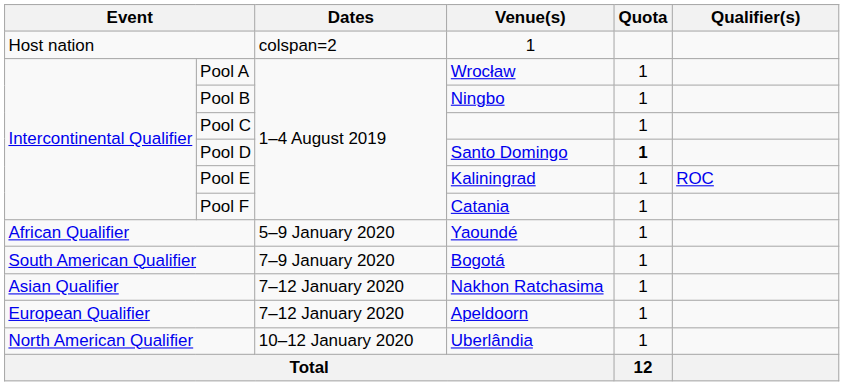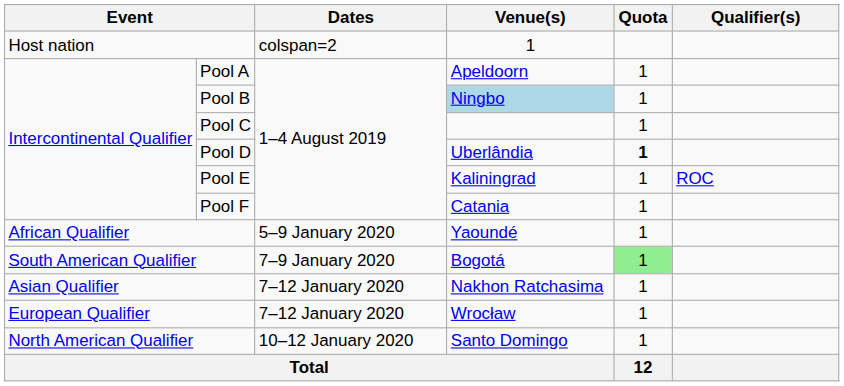 <table class="wikitable" style="white-space: nowrap;">
 <tr>
 <th colspan="2" style="width:30%">Event</th>
 <th style-"width:23%">Dates</th>
 <th style="width:20%">Venue(s)</th>
 <th style="width:7%">Quota</th>
 <th style="width:20%">Qualifier(s)</th>
 </tr>
 <tr>
 <td colspan="2">Host nation</td>
 <td>colspan=2 </td>
 <td style="text-align: center;">1</td>
 <td></td>
 </tr>
 <tr>
 <td rowspan="6"><a href='#'>Intercontinental Qualifier</a></td>
 <td>Pool A</td>
 <td rowspan="6">1–4 August 2019</td>
-<td> <a href='#'>Wrocław</a></td>
+<td> <a href='#'>Apeldoorn</a></td>
 <td style="text-align: center;">1</td>
 <td></td>
 </tr>
 <tr>
 <td>Pool B</td>
-<td> <a href='#'>Ningbo</a></td>
+<td style="background: lightblue;"> <a href='#'>Ningbo</a></td>
 <td style="text-align: center;">1</td>
 <td></td>
 </tr>
 <tr>
 <td>Pool C</td>
 <td></td>
 <td style="text-align: center;">1</td>
 <td></td>
 </tr>
 <tr>
 <td>Pool D</td>
-<td> <a href='#'>Santo Domingo</a></td>
+<td> <a href='#'>Uberlândia</a></td>
 <td style="text-align: center;"><strong>1</strong></td>
 <td></td>
 </tr>
 <tr>
 <td>Pool E</td>
 <td> <a href='#'>Kaliningrad</a></td>
 <td style="text-align: center;">1</td>
 <td> <a href='#'>ROC</a></td>
 </tr>
 <tr>
 <td>Pool F</td>
 <td> <a href='#'>Catania</a></td>
 <td style="text-align: center;">1</td>
 <td></td>
 </tr>
 <tr>
 <td colspan="2"><a href='#'>African Qualifier</a></td>
 <td>5–9 January 2020</td>
 <td> <a href='#'>Yaoundé</a></td>
 <td style="text-align: center;">1</td>
 <td></td>
 </tr>
 <tr>
 <td colspan="2"><a href='#'>South American Qualifier</a></td>
 <td>7–9 January 2020</td>
 <td> <a href='#'>Bogotá</a></td>
-<td style="text-align: center;">1</td>
+<td style="background: lightgreen; text-align: center;">1</td>
 <td></td>
 </tr>
 <tr>
 <td colspan="2"><a href='#'>Asian Qualifier</a></td>
 <td>7–12 January 2020</td>
 <td> <a href='#'>Nakhon Ratchasima</a></td>
 <td style="text-align: center;">1</td>
 <td></td>
 </tr>
 <tr>
 <td colspan="2"><a href='#'>European Qualifier</a></td>
 <td>7–12 January 2020</td>
-<td> <a href='#'>Apeldoorn</a></td>
+<td> <a href='#'>Wrocław</a></td>
 <td style="text-align: center;">1</td>
 <td></td>
 </tr>
 <tr>
 <td colspan="2"><a href='#'>North American Qualifier</a></td>
 <td>10–12 January 2020</td>
-<td> <a href='#'>Uberlândia</a></td>
+<td> <a href='#'>Santo Domingo</a></td>
 <td style="text-align: center;">1</td>
 <td></td>
 </tr>
 <tr>
 <th colspan="4">Total</th>
 <th>12</th>
 <th></th>
 </tr>
 </table>
